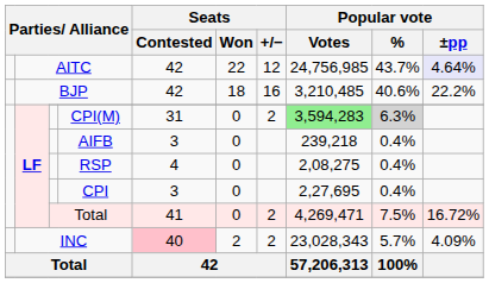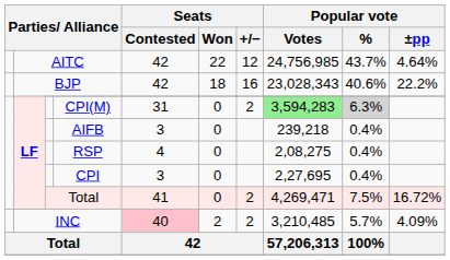 <table class="wikitable sortable" style="text-align:center;">
 <tr>
 <th colspan="4" rowspan="2">Parties/ Alliance</th>
 <th colspan="3">Seats</th>
 <th colspan="3">Popular vote</th>
 </tr>
 <tr>
 <th>Contested</th>
 <th>Won</th>
 <th><strong>+/−</strong></th>
 <th>Votes</th>
 <th>%</th>
 <th>±<a href='#'>pp</a></th>
 </tr>
 <tr>
 <td></td>
 <td colspan="3"><a href='#'>AITC</a></td>
 <td>42</td>
 <td>22</td>
 <td> 12</td>
 <td>24,756,985</td>
 <td>43.7%</td>
-<td style="background: lavender;"> 4.64%</td>
+<td> 4.64%</td>
 </tr>
 <tr>
 <td></td>
 <td colspan="3"><a href='#'>BJP</a></td>
 <td>42</td>
 <td>18</td>
 <td> 16</td>
-<td>3,210,485</td>
+<td>23,028,343</td>
 <td>40.6%</td>
 <td> 22.2%</td>
 </tr>
 <tr>
 <td rowspan="6"></td>
 <th rowspan="6" style="background:#ffe8e8"><a href='#'>LF</a></th>
 </tr>
 <tr>
 <td></td>
 <td><a href='#'>CPI(M)</a></td>
 <td>31</td>
 <td>0</td>
 <td> 2</td>
 <td style="background: lightgreen;">3,594,283</td>
 <td style="background: lightgrey;">6.3%</td>
 <td></td>
 </tr>
 <tr>
 <td></td>
 <td><a href='#'>AIFB</a></td>
 <td>3</td>
 <td>0</td>
 <td></td>
 <td>239,218</td>
 <td>0.4%</td>
 <td></td>
 </tr>
 <tr>
 <td></td>
 <td><a href='#'>RSP</a></td>
 <td>4</td>
 <td>0</td>
 <td></td>
 <td>2,08,275</td>
 <td>0.4%</td>
 <td></td>
 </tr>
 <tr>
 <td></td>
 <td><a href='#'>CPI</a></td>
 <td>3</td>
 <td>0</td>
 <td></td>
 <td>2,27,695</td>
 <td>0.4%</td>
 <td></td>
 </tr>
 <tr>
 <td colspan="2" style="background:#ffe8e8">Total</td>
 <td style="background:#ffe8e8">41</td>
 <td style="background:#ffe8e8">0</td>
 <td style="background:#ffe8e8"> 2</td>
 <td style="background:#ffe8e8">4,269,471</td>
 <td style="background:#ffe8e8">7.5%</td>
 <td style="background:#ffe8e8"> 16.72%</td>
 </tr>
 <tr>
 <td></td>
 <td colspan="3"><a href='#'>INC</a></td>
 <td style="background: pink;">40</td>
 <td>2</td>
 <td> 2</td>
-<td>23,028,343</td>
+<td>3,210,485</td>
 <td>5.7%</td>
 <td> 4.09%</td>
 </tr>
 <tr>
 <th colspan="4">Total</th>
 <th colspan="3">42</th>
 <th>57,206,313</th>
 <th>100%</th>
 <th></th>
 </tr>
 <tr>
 </tr>
 </table>
